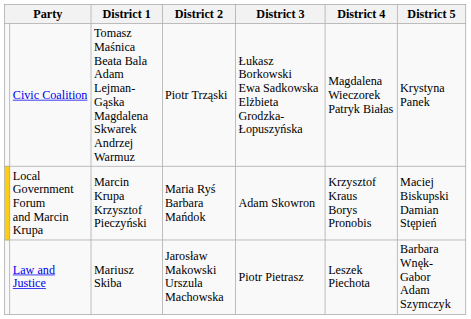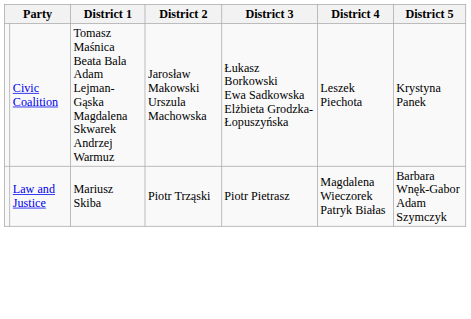 <table class="wikitable">
 <tr>
 <th colspan=2>Party</th>
 <th>District 1</th>
 <th>District 2</th>
 <th>District 3</th>
 <th>District 4</th>
 <th>District 5</th>
 </tr>
 <tr>
 <td style="background:"></td>
 <td><a href='#'>Civic Coalition</a></td>
 <td>Tomasz Maśnica<br>Beata Bala<br>Adam Lejman-Gąska<br>Magdalena Skwarek<br>Andrzej Warmuz</td>
-<td>Piotr Trząski</td>
+<td>Jarosław Makowski<br>Urszula Machowska</td>
 <td>Łukasz Borkowski<br>Ewa Sadkowska<br>Elżbieta Grodzka-Łopuszyńska</td>
-<td>Magdalena Wieczorek<br>Patryk Białas</td>
+<td>Leszek Piechota</td>
 <td>Krystyna Panek</td>
-</tr>
-<tr>
-<td style="background:#FBCD15"></td>
-<td>Local Government Forum<br>and Marcin Krupa</td>
-<td>Marcin Krupa<br>Krzysztof Pieczyński</td>
-<td>Maria Ryś<br>Barbara Mańdok</td>
-<td>Adam Skowron</td>
-<td>Krzysztof Kraus<br>Borys Pronobis</td>
-<td>Maciej Biskupski<br>Damian Stępień</td>
 </tr>
 <tr>
 <td style="background:"></td>
 <td><a href='#'>Law and Justice</a></td>
 <td>Mariusz Skiba</td>
-<td>Jarosław Makowski<br>Urszula Machowska</td>
+<td>Piotr Trząski</td>
 <td>Piotr Pietrasz</td>
-<td>Leszek Piechota</td>
+<td>Magdalena Wieczorek<br>Patryk Białas</td>
 <td>Barbara Wnęk-Gabor<br>Adam Szymczyk</td>
 </tr>
 </table>
